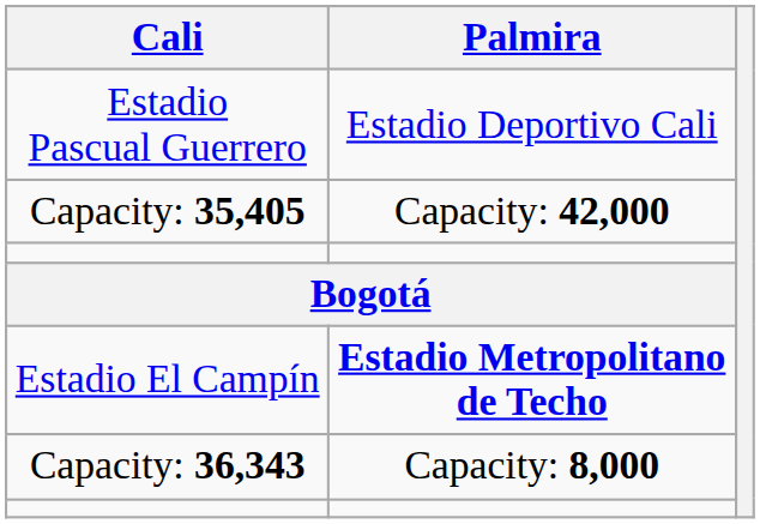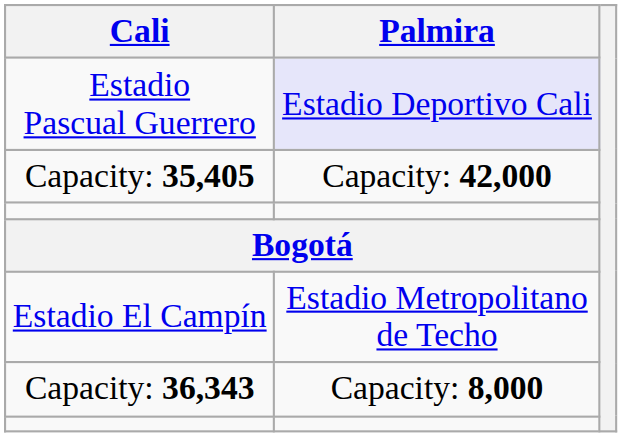 <table class="wikitable" style="text-align:center">
 <tr>
 <th><a href='#'>Cali</a></th>
 <th><a href='#'>Palmira</a></th>
 <th rowspan="8"></th>
 </tr>
 <tr>
 <td><a href='#'>Estadio<br> Pascual Guerrero</a></td>
-<td><a href='#'>Estadio Deportivo Cali</a></td>
+<td style="background: lavender;"><a href='#'>Estadio Deportivo Cali</a></td>
 </tr>
 <tr>
 <td>Capacity: <strong>35,405</strong></td>
 <td>Capacity: <strong>42,000</strong></td>
 </tr>
 <tr>
 <td></td>
 <td></td>
 </tr>
 <tr>
 <th colspan="2"><a href='#'>Bogotá</a></th>
 </tr>
 <tr>
 <td><a href='#'>Estadio El Campín</a></td>
-<td><strong><a href='#'>Estadio Metropolitano<br>de Techo</a></strong></td>
+<td><a href='#'>Estadio Metropolitano<br>de Techo</a></td>
 </tr>
 <tr>
 <td>Capacity: <strong>36,343</strong></td>
 <td>Capacity: <strong>8,000</strong></td>
 </tr>
 <tr>
 <td></td>
 <td></td>
 </tr>
 </table>
